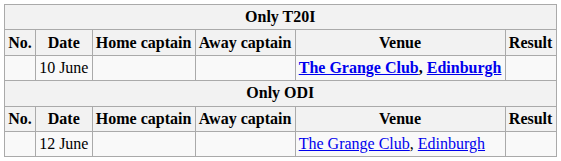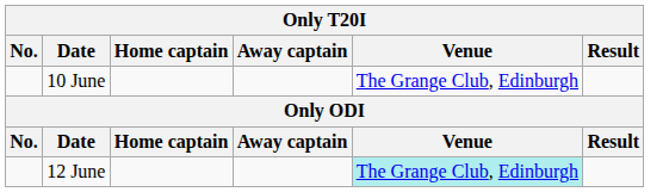 <table class="wikitable">
 <tr>
 <th colspan="9">Only T20I</th>
 </tr>
 <tr>
 <th>No.</th>
 <th>Date</th>
 <th>Home captain</th>
 <th>Away captain</th>
 <th>Venue</th>
 <th>Result</th>
 </tr>
 <tr>
 <td></td>
 <td>10 June</td>
 <td></td>
 <td></td>
-<td><strong><a href='#'>The Grange Club</a>, <a href='#'>Edinburgh</a></strong></td>
+<td><a href='#'>The Grange Club</a>, <a href='#'>Edinburgh</a></td>
 <td></td>
 </tr>
 <tr>
 <th colspan="9">Only ODI</th>
 </tr>
 <tr>
 <th>No.</th>
 <th>Date</th>
 <th>Home captain</th>
 <th>Away captain</th>
 <th>Venue</th>
 <th>Result</th>
 </tr>
 <tr>
 <td></td>
 <td>12 June</td>
 <td></td>
 <td></td>
-<td><a href='#'>The Grange Club</a>, <a href='#'>Edinburgh</a></td>
+<td style="background: paleturquoise;"><a href='#'>The Grange Club</a>, <a href='#'>Edinburgh</a></td>
 <td></td>
 </tr>
 </table>
